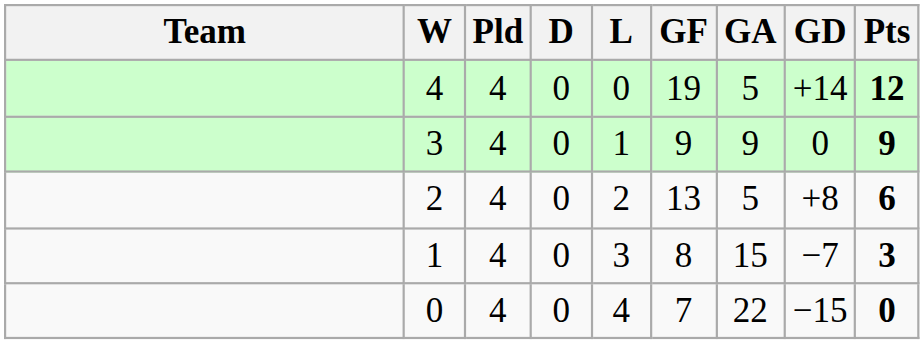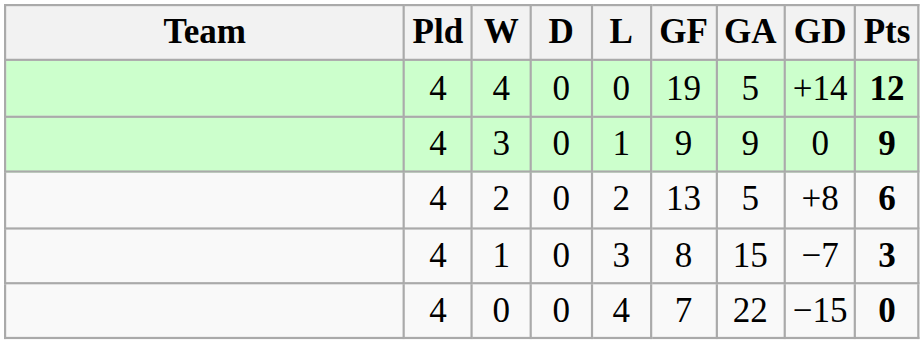 <table class="wikitable" style="text-align: center;">
 <tr>
 <th width="175">Team</th>
+<th width="20">Pld</th>
 <th width="20">W</th>
-<th width="20">Pld</th>
 <th width="20">D</th>
 <th width="20">L</th>
 <th width="20">GF</th>
 <th width="20">GA</th>
 <th width="20">GD</th>
 <th width="20">Pts</th>
 </tr>
 <tr bgcolor=#ccffcc>
 <td align=left></td>
 <td>4</td>
 <td>4</td>
 <td>0</td>
 <td>0</td>
 <td>19</td>
 <td>5</td>
 <td>+14</td>
 <td><strong>12</strong></td>
 </tr>
 <tr bgcolor=#ccffcc>
 <td align=left></td>
+<td>4</td>
 <td>3</td>
-<td>4</td>
 <td>0</td>
 <td>1</td>
 <td>9</td>
 <td>9</td>
 <td>0</td>
 <td><strong>9</strong></td>
 </tr>
 <tr>
 <td align=left></td>
+<td>4</td>
 <td>2</td>
-<td>4</td>
 <td>0</td>
 <td>2</td>
 <td>13</td>
 <td>5</td>
 <td>+8</td>
 <td><strong>6</strong></td>
 </tr>
 <tr>
 <td align=left></td>
+<td>4</td>
 <td>1</td>
-<td>4</td>
 <td>0</td>
 <td>3</td>
 <td>8</td>
 <td>15</td>
 <td>−7</td>
 <td><strong>3</strong></td>
 </tr>
 <tr>
 <td align=left></td>
+<td>4</td>
 <td>0</td>
-<td>4</td>
 <td>0</td>
 <td>4</td>
 <td>7</td>
 <td>22</td>
 <td>−15</td>
 <td><strong>0</strong></td>
 </tr>
 </table>
